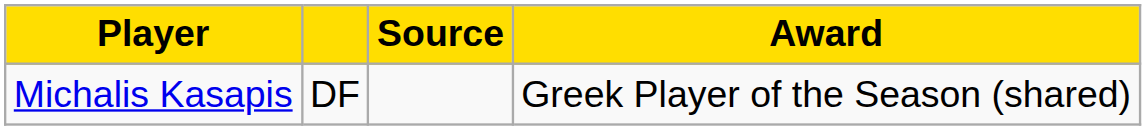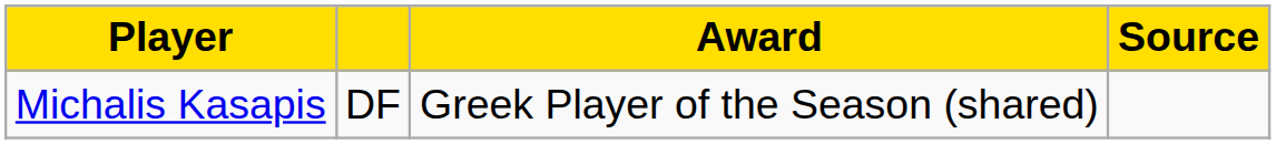 <table class="wikitable">
 <tr>
 <th style="background:#FFDE00">Player</th>
 <th style="background:#FFDE00"></th>
+<th style="background:#FFDE00">Award</th>
 <th style="background:#FFDE00">Source</th>
-<th style="background:#FFDE00">Award</th>
 </tr>
 <tr>
 <td> <a href='#'>Michalis Kasapis</a></td>
 <td align="center">DF</td>
+<td align="center">Greek Player of the Season (shared)</td>
 <td align="center"></td>
-<td align="center">Greek Player of the Season (shared)</td>
 </tr>
 </table>
